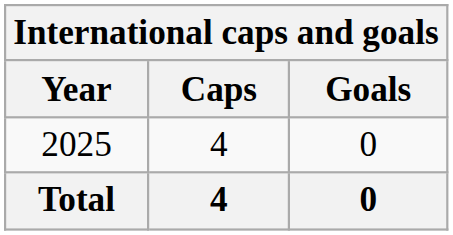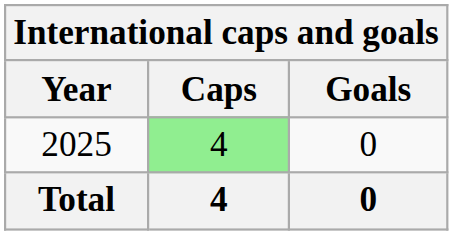 <table class="wikitable sortable" style="text-align:center">
 <tr>
 <th colspan="3">International caps and goals</th>
 </tr>
 <tr>
 <th>Year</th>
 <th>Caps</th>
 <th>Goals</th>
 </tr>
 <tr>
 <td>2025</td>
-<td>4</td>
+<td style="background: lightgreen;">4</td>
 <td>0</td>
 </tr>
 <tr>
 <th>Total</th>
 <th>4</th>
 <th>0</th>
 </tr>
 </table>
